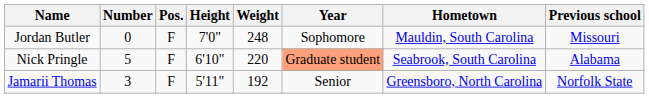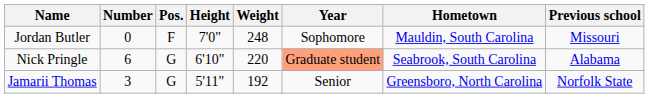 <table class="wikitable sortable sortable" style="text-align:center">
 <tr align=center>
 <th>Name</th>
 <th>Number</th>
 <th>Pos.</th>
 <th>Height</th>
 <th>Weight</th>
 <th>Year</th>
 <th>Hometown</th>
 <th class="unsortable">Previous school</th>
 </tr>
 <tr>
 <td>Jordan Butler</td>
 <td>0</td>
 <td>F</td>
 <td>7'0"</td>
 <td>248</td>
 <td>Sophomore</td>
 <td><a href='#'>Mauldin, South Carolina</a></td>
 <td><a href='#'>Missouri</a></td>
 </tr>
 <tr>
 <td>Nick Pringle</td>
-<td>5</td>
-<td>F</td>
+<td>6</td>
+<td>G</td>
 <td>6'10"</td>
 <td>220</td>
 <td style="background: lightsalmon;">Graduate student</td>
 <td><a href='#'>Seabrook, South Carolina</a></td>
 <td><a href='#'>Alabama</a></td>
 </tr>
 <tr>
 <td><a href='#'>Jamarii Thomas</a></td>
 <td>3</td>
-<td>F</td>
+<td>G</td>
 <td>5'11"</td>
 <td>192</td>
 <td>Senior</td>
 <td><a href='#'>Greensboro, North Carolina</a></td>
 <td><a href='#'>Norfolk State</a></td>
 </tr>
 </table>
